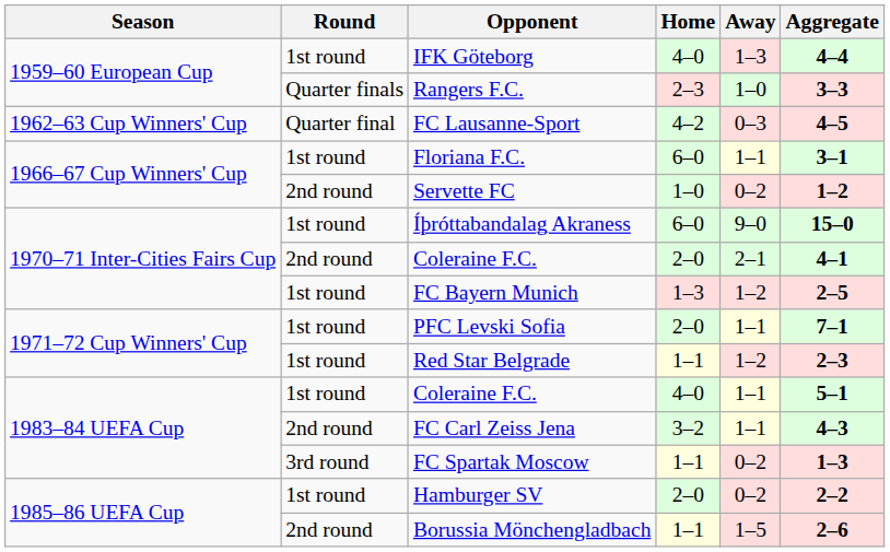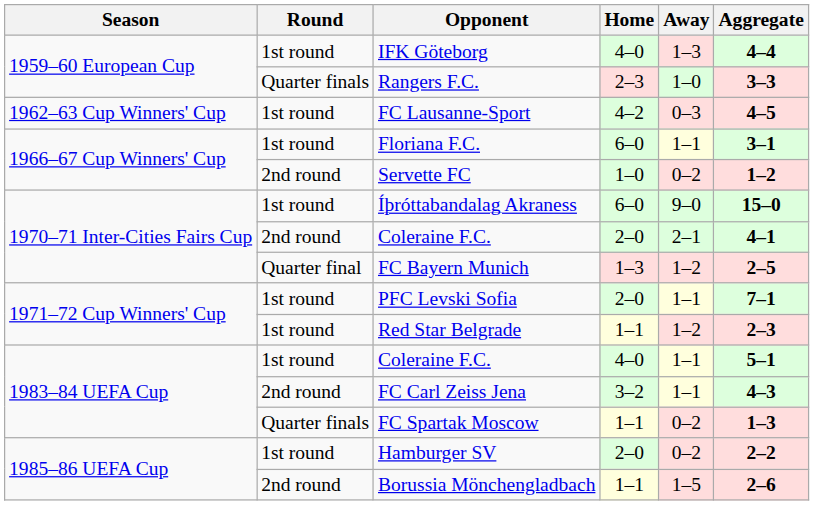 <table class="wikitable">
 <tr>
 <th>Season</th>
 <th>Round</th>
 <th>Opponent</th>
 <th>Home</th>
 <th>Away</th>
 <th>Aggregate</th>
 </tr>
 <tr>
 <td rowspan=2><a href='#'>1959–60 European Cup</a></td>
 <td>1st round</td>
 <td> <a href='#'>IFK Göteborg</a></td>
 <td bgcolor="#ddffdd" style="text-align:center;">4–0</td>
 <td bgcolor="#ffdddd" style="text-align:center;">1–3</td>
 <td bgcolor="#ddffdd" style="text-align:center;"><strong>4–4</strong><br></td>
 </tr>
 <tr>
 <td>Quarter finals</td>
 <td> <a href='#'>Rangers F.C.</a></td>
 <td bgcolor="#ffdddd" style="text-align:center;">2–3</td>
 <td bgcolor="#ddffdd" style="text-align:center;">1–0</td>
 <td bgcolor="#ffdddd" style="text-align:center;"><strong>3–3</strong><br></td>
 </tr>
 <tr>
 <td><a href='#'>1962–63 Cup Winners' Cup</a></td>
-<td>Quarter final</td>
+<td>1st round</td>
 <td> <a href='#'>FC Lausanne-Sport</a></td>
 <td bgcolor="#ddffdd" style="text-align:center;">4–2</td>
 <td bgcolor="#ffdddd" style="text-align:center;">0–3</td>
 <td bgcolor="#ffdddd" style="text-align:center;"><strong>4–5</strong></td>
 </tr>
 <tr>
 <td rowspan=2><a href='#'>1966–67 Cup Winners' Cup</a></td>
 <td>1st round</td>
 <td> <a href='#'>Floriana F.C.</a></td>
 <td bgcolor="#ddffdd" style="text-align:center;">6–0</td>
 <td bgcolor="#ffffdd" style="text-align:center;">1–1</td>
 <td bgcolor="#ddffdd" style="text-align:center;"><strong>3–1</strong></td>
 </tr>
 <tr>
 <td>2nd round</td>
 <td> <a href='#'>Servette FC</a></td>
 <td bgcolor="#ddffdd" style="text-align:center;">1–0</td>
 <td bgcolor="#ffdddd" style="text-align:center;">0–2</td>
 <td bgcolor="#ffdddd" style="text-align:center;"><strong>1–2</strong></td>
 </tr>
 <tr>
 <td rowspan=3><a href='#'>1970–71 Inter-Cities Fairs Cup</a></td>
 <td>1st round</td>
 <td> <a href='#'>Íþróttabandalag Akraness</a></td>
 <td bgcolor="#ddffdd" style="text-align:center;">6–0</td>
 <td bgcolor="#ddffdd" style="text-align:center;">9–0</td>
 <td bgcolor="#ddffdd" style="text-align:center;"><strong>15–0</strong></td>
 </tr>
 <tr>
 <td>2nd round</td>
 <td> <a href='#'>Coleraine F.C.</a></td>
 <td bgcolor="#ddffdd" style="text-align:center;">2–0</td>
 <td bgcolor="#ddffdd" style="text-align:center;">2–1</td>
 <td bgcolor="#ddffdd" style="text-align:center;"><strong>4–1</strong></td>
 </tr>
 <tr>
-<td>1st round</td>
+<td>Quarter final</td>
 <td> <a href='#'>FC Bayern Munich</a></td>
 <td bgcolor="#ffdddd" style="text-align:center;">1–3</td>
 <td bgcolor="#ffdddd" style="text-align:center;">1–2</td>
 <td bgcolor="#ffdddd" style="text-align:center;"><strong>2–5</strong></td>
 </tr>
 <tr>
 <td rowspan=2><a href='#'>1971–72 Cup Winners' Cup</a></td>
 <td>1st round</td>
 <td> <a href='#'>PFC Levski Sofia</a></td>
 <td bgcolor="#ddffdd" style="text-align:center;">2–0</td>
 <td bgcolor="#ffffdd" style="text-align:center;">1–1</td>
 <td bgcolor="#ddffdd" style="text-align:center;"><strong>7–1</strong></td>
 </tr>
 <tr>
 <td>1st round</td>
 <td> <a href='#'>Red Star Belgrade</a></td>
 <td bgcolor="#ffffdd" style="text-align:center;">1–1</td>
 <td bgcolor="#ffdddd" style="text-align:center;">1–2</td>
 <td bgcolor="#ffdddd" style="text-align:center;"><strong>2–3</strong></td>
 </tr>
 <tr>
 <td rowspan=3><a href='#'>1983–84 UEFA Cup</a></td>
 <td>1st round</td>
 <td> <a href='#'>Coleraine F.C.</a></td>
 <td bgcolor="#ddffdd" style="text-align:center;">4–0</td>
 <td bgcolor="#ffffdd" style="text-align:center;">1–1</td>
 <td bgcolor="#ddffdd" style="text-align:center;"><strong>5–1</strong></td>
 </tr>
 <tr>
 <td>2nd round</td>
 <td> <a href='#'>FC Carl Zeiss Jena</a></td>
 <td bgcolor="#ddffdd" style="text-align:center;">3–2</td>
 <td bgcolor="#ffffdd" style="text-align:center;">1–1</td>
 <td bgcolor="#ddffdd" style="text-align:center;"><strong>4–3</strong></td>
 </tr>
 <tr>
-<td>3rd round</td>
+<td>Quarter finals</td>
 <td> <a href='#'>FC Spartak Moscow</a></td>
 <td bgcolor="#ffffdd" style="text-align:center;">1–1</td>
 <td bgcolor="#ffdddd" style="text-align:center;">0–2</td>
 <td bgcolor="#ffdddd" style="text-align:center;"><strong>1–3</strong></td>
 </tr>
 <tr>
 <td rowspan=2><a href='#'>1985–86 UEFA Cup</a></td>
 <td>1st round</td>
 <td> <a href='#'>Hamburger SV</a></td>
 <td bgcolor="#ddffdd" style="text-align:center;">2–0</td>
 <td bgcolor="#ffdddd" style="text-align:center;">0–2</td>
 <td bgcolor="#ffdddd" style="text-align:center;"><strong>2–2</strong><br></td>
 </tr>
 <tr>
 <td>2nd round</td>
 <td> <a href='#'>Borussia Mönchengladbach</a></td>
 <td bgcolor="#ffffdd" style="text-align:center;">1–1</td>
 <td bgcolor="#ffdddd" style="text-align:center;">1–5</td>
 <td bgcolor="#ffdddd" style="text-align:center;"><strong>2–6</strong></td>
 </tr>
 </table>
